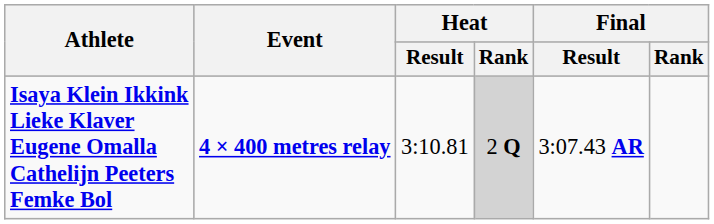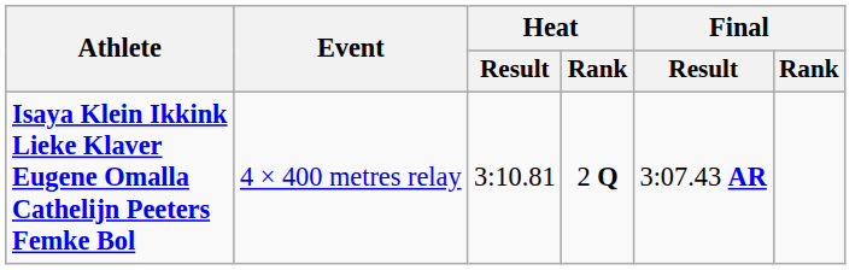 <table class="wikitable" style="font-size:90%">
 <tr>
 <th rowspan="2">Athlete</th>
 <th rowspan="2">Event</th>
 <th colspan="2">Heat</th>
 <th colspan="2">Final</th>
 </tr>
 <tr style="font-size:95%">
 <th>Result</th>
 <th>Rank</th>
 <th>Result</th>
 <th>Rank</th>
 </tr>
 <tr align=center>
 <td align=left><strong><a href='#'>Isaya Klein Ikkink</a><br><a href='#'>Lieke Klaver</a><br><a href='#'>Eugene Omalla</a><br><a href='#'>Cathelijn Peeters</a><br><a href='#'>Femke Bol</a></strong></td>
-<td align=left><strong><a href='#'>4 × 400 metres relay</a></strong></td>
+<td align=left><a href='#'>4 × 400 metres relay</a></td>
 <td>3:10.81</td>
-<td style="background: lightgrey;">2 <strong>Q</strong></td>
+<td>2 <strong>Q</strong></td>
 <td>3:07.43 <strong><a href='#'>AR</a></strong></td>
 <td></td>
 </tr>
 </table>
